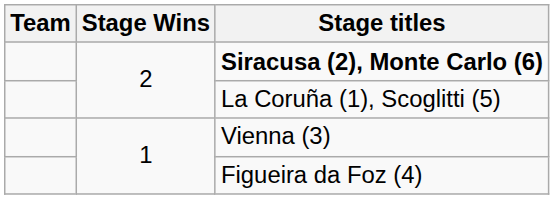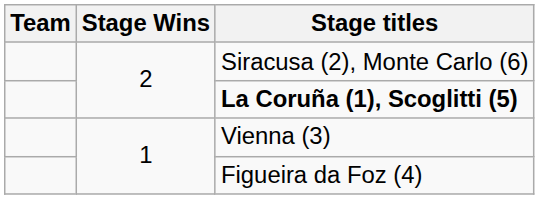 <table class="wikitable">
 <tr>
 <th>Team</th>
 <th>Stage Wins</th>
 <th>Stage titles</th>
 </tr>
 <tr>
 <td></td>
 <td align=center rowspan="2">2</td>
-<td><strong>Siracusa (2), Monte Carlo (6)</strong></td>
+<td>Siracusa (2), Monte Carlo (6)</td>
 </tr>
 <tr>
 <td></td>
-<td>La Coruña (1), Scoglitti (5)</td>
+<td><strong>La Coruña (1), Scoglitti (5)</strong></td>
 </tr>
 <tr>
 <td></td>
 <td align=center rowspan="3">1</td>
 <td>Vienna (3)</td>
 </tr>
 <tr>
 <td></td>
 <td>Figueira da Foz (4)</td>
 </tr>
 </table>
